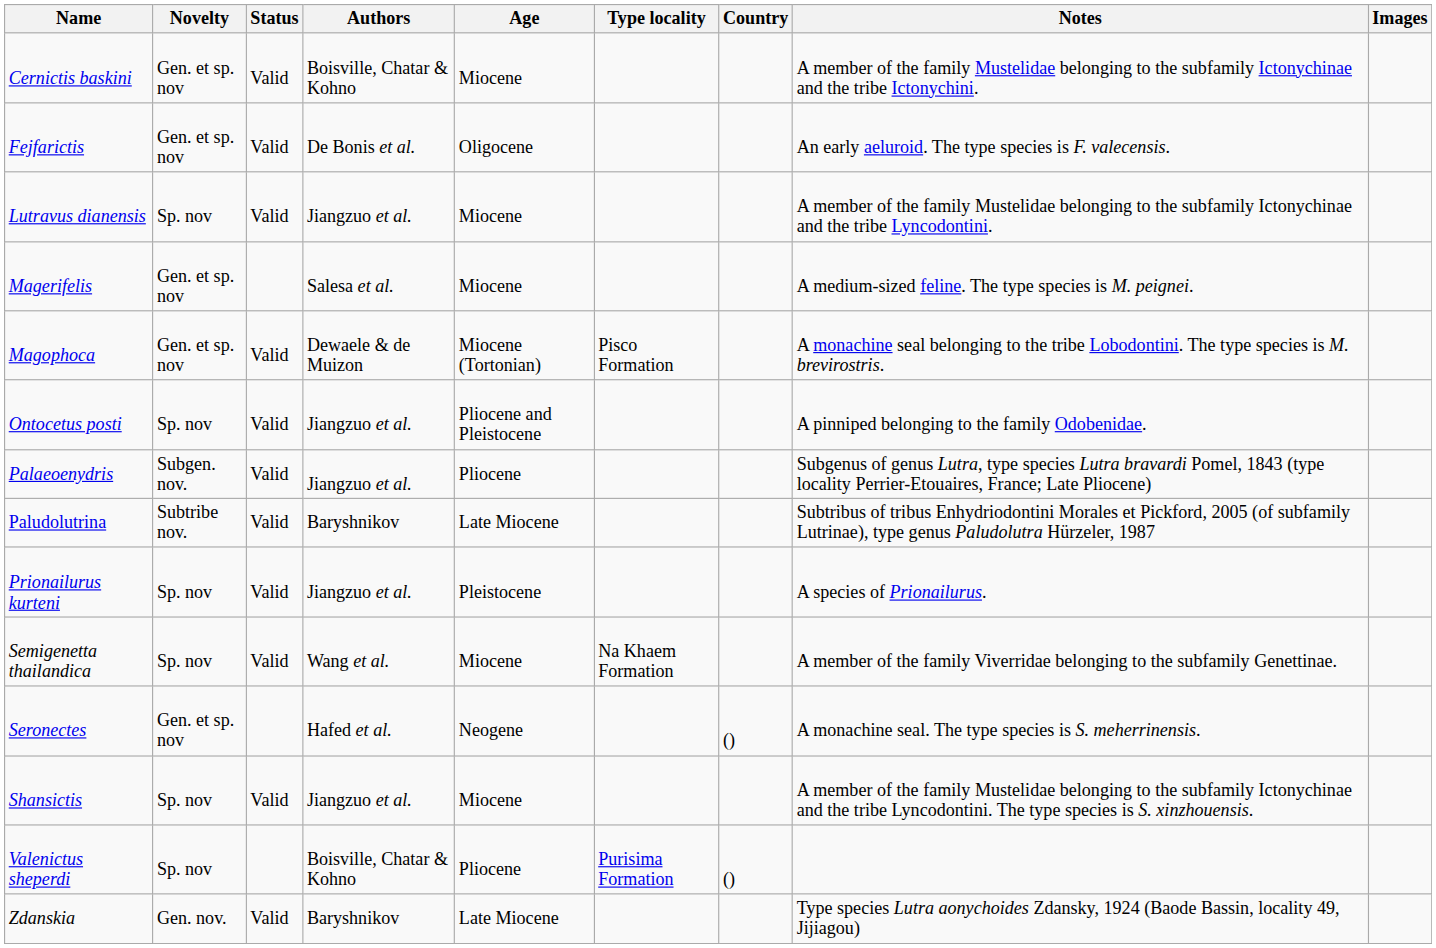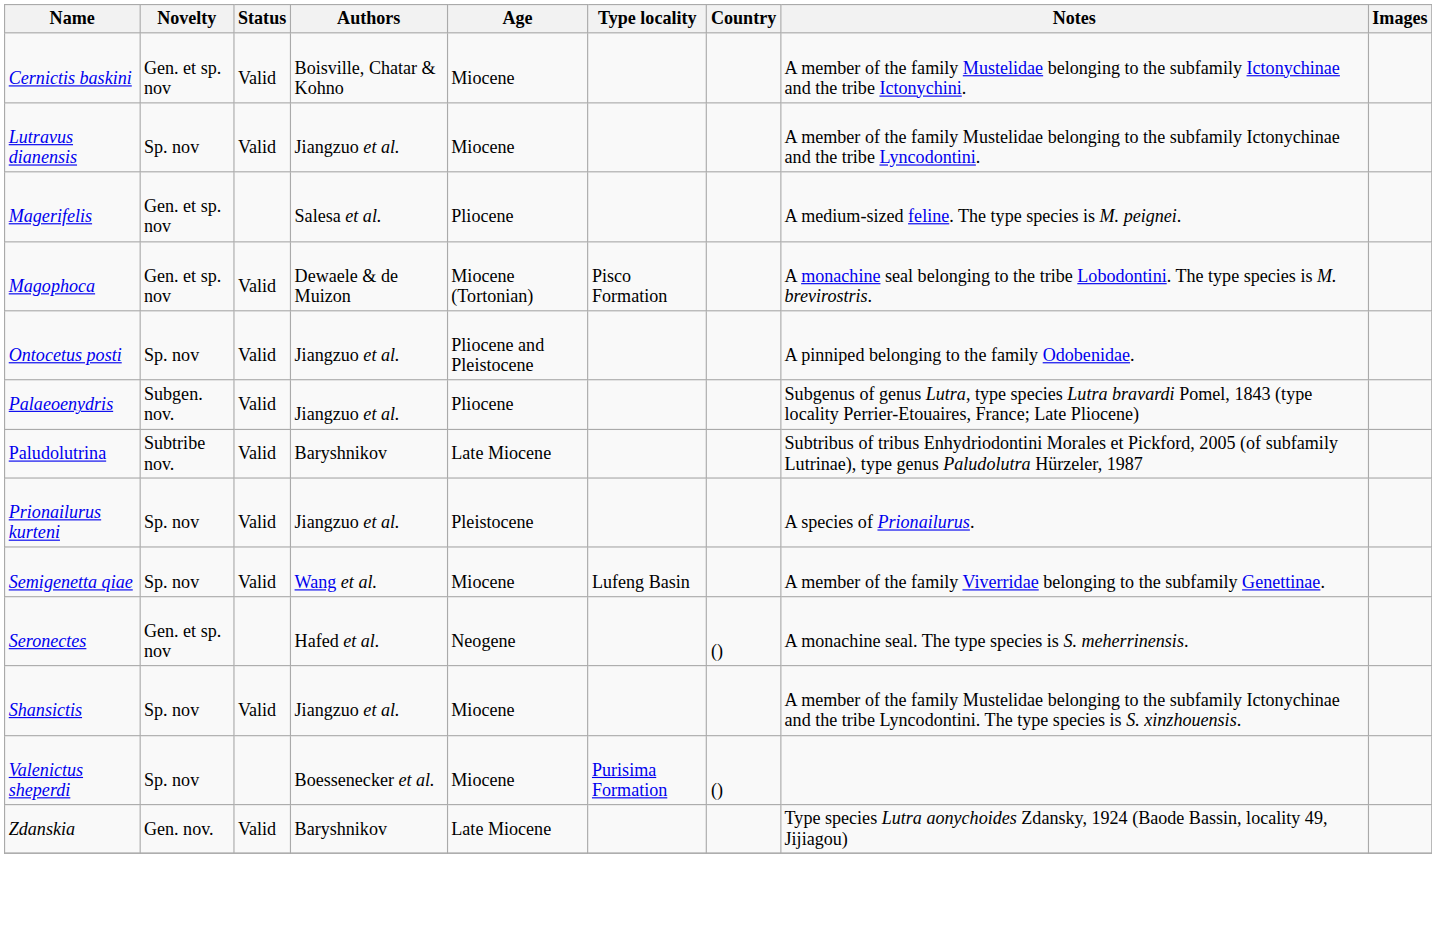 <table class="wikitable sortable" align="center" width="100%">
 <tr>
 <th>Name</th>
 <th>Novelty</th>
 <th>Status</th>
 <th>Authors</th>
 <th>Age</th>
 <th>Type locality</th>
 <th>Country</th>
 <th>Notes</th>
 <th>Images</th>
 </tr>
 <tr>
 <td><br><em><a href='#'>Cernictis baskini</a></em></td>
 <td><br>Gen. et sp. nov</td>
 <td><br>Valid</td>
 <td><br>Boisville, Chatar & Kohno</td>
 <td><br>Miocene</td>
 <td></td>
 <td><br></td>
 <td><br>A member of the family <a href='#'>Mustelidae</a> belonging to the subfamily <a href='#'>Ictonychinae</a> and the tribe <a href='#'>Ictonychini</a>.</td>
 <td></td>
 </tr>
 <tr>
-<td><br><em><a href='#'>Fejfarictis</a></em></td>
-<td><br>Gen. et sp. nov</td>
-<td><br>Valid</td>
-<td><br>De Bonis <em>et al.</em></td>
-<td><br>Oligocene</td>
-<td></td>
-<td><br></td>
-<td><br>An early <a href='#'>aeluroid</a>. The type species is <em>F. valecensis</em>.</td>
-<td></td>
-</tr>
-<tr>
 <td><br><em><a href='#'>Lutravus dianensis</a></em></td>
 <td><br>Sp. nov</td>
 <td><br>Valid</td>
 <td><br>Jiangzuo <em>et al.</em></td>
 <td><br>Miocene</td>
 <td></td>
 <td><br></td>
 <td><br>A member of the family Mustelidae belonging to the subfamily Ictonychinae and the tribe <a href='#'>Lyncodontini</a>.</td>
 <td></td>
 </tr>
 <tr>
 <td><br><em><a href='#'>Magerifelis</a></em></td>
 <td><br>Gen. et sp. nov</td>
 <td></td>
 <td><br>Salesa <em>et al.</em></td>
-<td><br>Miocene</td>
+<td><br>Pliocene</td>
 <td></td>
 <td><br><br> </td>
 <td><br>A  medium-sized <a href='#'>feline</a>. The type species is <em>M. peignei</em>.</td>
 <td></td>
 </tr>
 <tr>
 <td><br><em><a href='#'>Magophoca</a></em></td>
 <td><br>Gen. et sp. nov</td>
 <td><br>Valid</td>
 <td><br>Dewaele & de Muizon</td>
 <td><br>Miocene (Tortonian)</td>
 <td><br>Pisco Formation</td>
 <td><br></td>
 <td><br>A <a href='#'>monachine</a> seal belonging to the tribe <a href='#'>Lobodontini</a>. The type species is <em>M. brevirostris</em>.</td>
 <td></td>
 </tr>
 <tr>
 <td><br><em><a href='#'>Ontocetus posti</a></em></td>
 <td><br>Sp. nov</td>
 <td><br>Valid</td>
 <td><br>Jiangzuo <em>et al.</em></td>
 <td><br>Pliocene and Pleistocene</td>
 <td></td>
 <td><br><br> </td>
 <td><br>A pinniped belonging to the family <a href='#'>Odobenidae</a>.</td>
 <td></td>
 </tr>
 <tr>
 <td><em><a href='#'>Palaeoenydris</a></em></td>
 <td>Subgen. nov.</td>
 <td>Valid</td>
 <td><br>Jiangzuo <em>et al.</em></td>
 <td>Pliocene</td>
 <td></td>
 <td></td>
 <td>Subgenus of genus <em>Lutra</em>, type species <em>Lutra bravardi</em> Pomel, 1843 (type locality Perrier-Etouaires, France; Late Pliocene)</td>
 <td></td>
 </tr>
 <tr>
 <td><a href='#'>Paludolutrina</a></td>
 <td>Subtribe nov.</td>
 <td>Valid</td>
 <td>Baryshnikov</td>
 <td>Late Miocene</td>
 <td></td>
 <td></td>
 <td>Subtribus of tribus Enhydriodontini Morales et Pickford, 2005 (of subfamily Lutrinae), type genus <em>Paludolutra</em> Hürzeler, 1987</td>
 <td></td>
 </tr>
 <tr>
 <td><br><em><a href='#'>Prionailurus kurteni</a></em></td>
 <td><br>Sp. nov</td>
 <td><br>Valid</td>
 <td><br>Jiangzuo <em>et al.</em></td>
 <td><br>Pleistocene</td>
 <td></td>
 <td><br></td>
 <td><br>A species of <em><a href='#'>Prionailurus</a></em>.</td>
 <td></td>
 </tr>
 <tr>
-<td><br><em>Semigenetta thailandica</em></td>
+<td><br><em><a href='#'>Semigenetta qiae</a></em></td>
 <td><br>Sp. nov</td>
 <td><br>Valid</td>
-<td><br>Wang <em>et al.</em></td>
+<td><br><a href='#'>Wang</a> <em>et al.</em></td>
 <td><br>Miocene</td>
-<td><br>Na Khaem Formation</td>
+<td><br>Lufeng Basin</td>
 <td><br></td>
-<td><br>A member of the family Viverridae belonging to the subfamily Genettinae.</td>
+<td><br>A member of the family <a href='#'>Viverridae</a> belonging to the subfamily <a href='#'>Genettinae</a>.</td>
 <td></td>
 </tr>
 <tr>
 <td><br><em><a href='#'>Seronectes</a></em></td>
 <td><br>Gen. et sp. nov</td>
 <td></td>
 <td><br>Hafed <em>et al.</em></td>
 <td><br>Neogene</td>
 <td></td>
 <td><br><br>()</td>
 <td><br>A monachine seal. The type species is <em>S. meherrinensis</em>.</td>
 <td></td>
 </tr>
 <tr>
 <td><br><em><a href='#'>Shansictis</a></em></td>
 <td><br>Sp. nov</td>
 <td><br>Valid</td>
 <td><br>Jiangzuo <em>et al.</em></td>
 <td><br>Miocene</td>
 <td></td>
 <td><br></td>
 <td><br>A member of the family Mustelidae belonging to the subfamily Ictonychinae and the tribe Lyncodontini. The type species is <em>S. xinzhouensis</em>.</td>
 <td></td>
 </tr>
 <tr>
 <td><br><em><a href='#'>Valenictus sheperdi</a></em></td>
 <td><br>Sp. nov</td>
 <td></td>
-<td><br>Boisville, Chatar & Kohno</td>
-<td><br>Pliocene</td>
+<td><br>Boessenecker <em>et al.</em></td>
+<td><br>Miocene</td>
 <td><br><a href='#'>Purisima Formation</a></td>
 <td><br><br>()</td>
 <td></td>
 <td></td>
 </tr>
 <tr>
 <td><em>Zdanskia</em></td>
 <td>Gen. nov.</td>
 <td>Valid</td>
 <td>Baryshnikov</td>
 <td>Late Miocene</td>
 <td></td>
 <td></td>
 <td>Type species <em>Lutra aonychoides</em> Zdansky, 1924 (Baode Bassin, locality 49, Jijiagou)</td>
 <td></td>
 </tr>
 <tr>
 </tr>
 </table>
